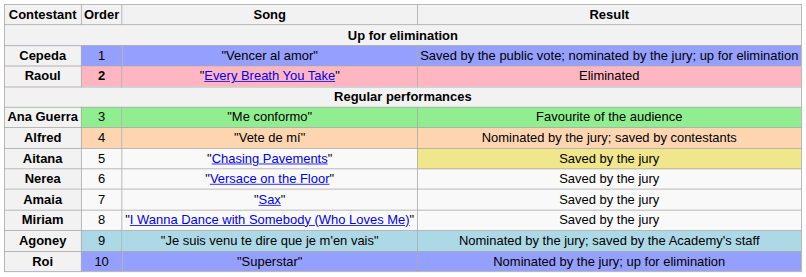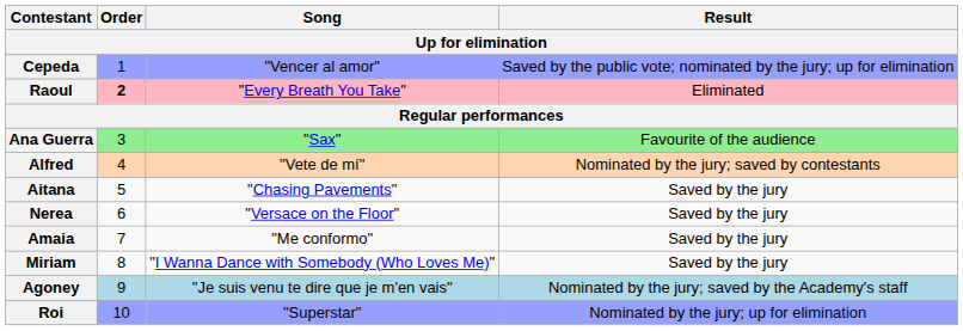 <table class="wikitable plainrowheaders" style="text-align:center;">
 <tr>
 <th scope="col">Contestant</th>
 <th scope="col">Order</th>
 <th scope="col">Song</th>
 <th scope="col">Result</th>
 </tr>
 <tr>
 <th colspan="4">Up for elimination</th>
 </tr>
 <tr style="background:#959ffd;">
 <th scope="row">Cepeda</th>
 <td>1</td>
 <td>"Vencer al amor"</td>
 <td>Saved by the public vote; nominated by the jury; up for elimination</td>
 </tr>
 <tr style="background:lightpink">
 <th scope="row">Raoul</th>
 <td><strong>2</strong></td>
 <td>"<a href='#'>Every Breath You Take</a>"</td>
 <td>Eliminated</td>
 </tr>
 <tr>
 <th colspan="4">Regular performances</th>
 </tr>
 <tr style="background:lightgreen">
 <th scope="row">Ana Guerra</th>
 <td>3</td>
-<td>"Me conformo"</td>
+<td>"<a href='#'>Sax</a>"</td>
 <td>Favourite of the audience</td>
 </tr>
 <tr style="background:#fdd5b1;">
 <th scope="row">Alfred</th>
 <td>4</td>
 <td>"Vete de mí"</td>
 <td>Nominated by the jury; saved by contestants</td>
 </tr>
 <tr>
 <th scope="row">Aitana</th>
 <td>5</td>
 <td>"<a href='#'>Chasing Pavements</a>"</td>
-<td style="background: khaki;">Saved by the jury</td>
+<td>Saved by the jury</td>
 </tr>
 <tr>
 <th scope="row">Nerea</th>
 <td>6</td>
 <td>"<a href='#'>Versace on the Floor</a>"</td>
 <td>Saved by the jury</td>
 </tr>
 <tr>
 <th scope="row">Amaia</th>
 <td>7</td>
-<td>"<a href='#'>Sax</a>"</td>
+<td>"Me conformo"</td>
 <td>Saved by the jury</td>
 </tr>
 <tr>
 <th scope="row">Miriam</th>
 <td>8</td>
 <td>"<a href='#'>I Wanna Dance with Somebody (Who Loves Me)</a>"</td>
 <td>Saved by the jury</td>
 </tr>
 <tr style="background:lightblue">
 <th scope="row">Agoney</th>
 <td>9</td>
 <td>"Je suis venu te dire que je m'en vais"</td>
 <td>Nominated by the jury; saved by the Academy's staff</td>
 </tr>
 <tr style="background:#959ffd;">
 <th scope="row">Roi</th>
 <td>10</td>
 <td>"Superstar"</td>
 <td>Nominated by the jury; up for elimination</td>
 </tr>
 </table>
